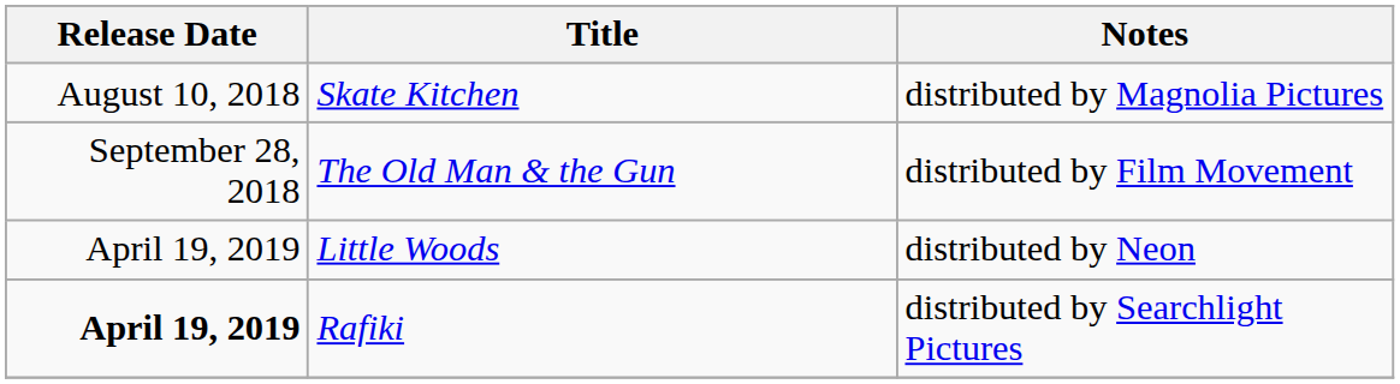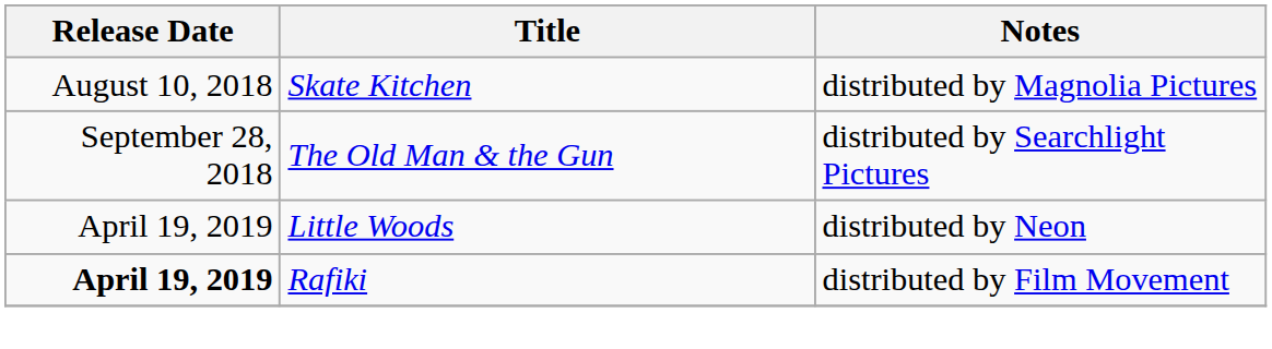 <table class="wikitable sortable">
 <tr>
 <th style="width:125px;">Release Date</th>
 <th style="width:250px;">Title</th>
 <th>Notes</th>
 </tr>
 <tr>
 <td style="text-align:right;">August 10, 2018</td>
 <td><em><a href='#'>Skate Kitchen</a></em></td>
 <td>distributed by <a href='#'>Magnolia Pictures</a></td>
 </tr>
 <tr>
 <td style="text-align:right;">September 28, 2018</td>
 <td><em><a href='#'>The Old Man & the Gun</a></em></td>
-<td>distributed by <a href='#'>Film Movement</a></td>
+<td>distributed by <a href='#'>Searchlight Pictures</a></td>
 </tr>
 <tr>
 <td style="text-align:right;">April 19, 2019</td>
 <td><em><a href='#'>Little Woods</a></em></td>
 <td>distributed by <a href='#'>Neon</a></td>
 </tr>
 <tr>
 <td style="text-align:right;"><strong>April 19, 2019</strong></td>
 <td><em><a href='#'>Rafiki</a></em></td>
-<td>distributed by <a href='#'>Searchlight Pictures</a></td>
+<td>distributed by <a href='#'>Film Movement</a></td>
 </tr>
 <tr>
 </tr>
 </table>
